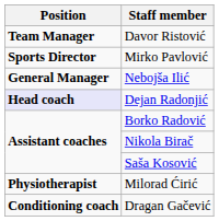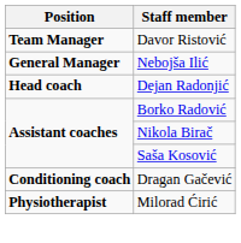 <table class="wikitable">
 <tr>
 <th>Position</th>
 <th>Staff member</th>
 </tr>
 <tr>
 <td><strong>Team Manager</strong></td>
 <td> Davor Ristović</td>
 </tr>
 <tr>
-<td><strong>Sports Director</strong></td>
-<td> Mirko Pavlović</td>
-</tr>
-<tr>
 <td><strong>General Manager</strong></td>
 <td> <a href='#'>Nebojša Ilić</a></td>
 </tr>
 <tr>
-<td style="background: lavender;"><strong>Head coach</strong></td>
+<td><strong>Head coach</strong></td>
 <td> <a href='#'>Dejan Radonjić</a></td>
 </tr>
 <tr>
 <td rowspan=3><strong>Assistant coaches</strong></td>
 <td> <a href='#'>Borko Radović</a></td>
 </tr>
 <tr>
 <td> <a href='#'>Nikola Birač</a></td>
 </tr>
 <tr>
 <td>  <a href='#'>Saša Kosović</a></td>
 </tr>
 <tr>
+<td><strong>Conditioning coach</strong></td>
+<td> Dragan Gačević</td>
+</tr>
+<tr>
 <td><strong>Physiotherapist</strong></td>
 <td> Milorad Ćirić</td>
 </tr>
-<tr>
-<td><strong>Conditioning coach</strong></td>
-<td> Dragan Gačević</td>
-</tr>
 </table>
